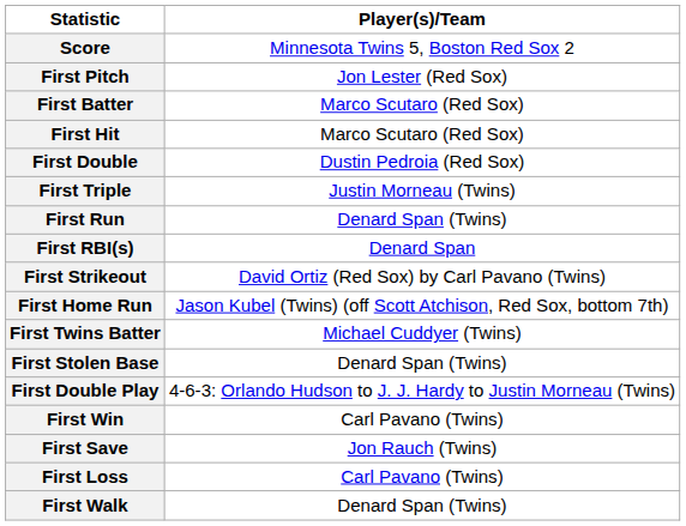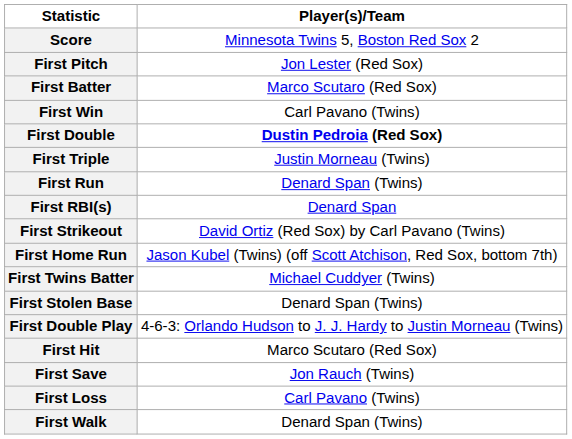 <table class="wikitable" align=center style="margin-left:15px; text-align:center; background:#ffffff;">
 <tr>
 <td><strong>Statistic</strong></td>
 <td><strong>Player(s)/Team</strong></td>
 </tr>
 <tr>
 <th>Score</th>
 <td><a href='#'>Minnesota Twins</a> 5, <a href='#'>Boston Red Sox</a> 2</td>
 </tr>
 <tr>
 <th>First Pitch</th>
 <td><a href='#'>Jon Lester</a> (Red Sox)</td>
 </tr>
 <tr>
 <th>First Batter</th>
 <td><a href='#'>Marco Scutaro</a> (Red Sox)</td>
 </tr>
 <tr>
-<th>First Hit</th>
-<td>Marco Scutaro (Red Sox)</td>
+<th>First Win</th>
+<td>Carl Pavano (Twins)</td>
 </tr>
 <tr>
 <th>First Double</th>
-<td><a href='#'>Dustin Pedroia</a> (Red Sox)</td>
+<td><strong><a href='#'>Dustin Pedroia</a> (Red Sox)</strong></td>
 </tr>
 <tr>
 <th>First Triple</th>
 <td><a href='#'>Justin Morneau</a> (Twins)</td>
 </tr>
 <tr>
 <th>First Run</th>
 <td><a href='#'>Denard Span</a> (Twins)</td>
 </tr>
 <tr>
 <th>First RBI(s)</th>
 <td><a href='#'>Denard Span</a></td>
 </tr>
 <tr>
 <th>First Strikeout</th>
 <td><a href='#'>David Ortiz</a> (Red Sox) by Carl Pavano (Twins)</td>
 </tr>
 <tr>
 <th>First Home Run</th>
 <td><a href='#'>Jason Kubel</a> (Twins) (off <a href='#'>Scott Atchison</a>, Red Sox, bottom 7th)</td>
 </tr>
 <tr>
 <th>First Twins Batter</th>
 <td><a href='#'>Michael Cuddyer</a> (Twins)</td>
 </tr>
 <tr>
 <th>First Stolen Base</th>
 <td>Denard Span (Twins)</td>
 </tr>
 <tr>
 <th>First Double Play</th>
 <td>4-6-3: <a href='#'>Orlando Hudson</a> to <a href='#'>J. J. Hardy</a> to <a href='#'>Justin Morneau</a> (Twins)</td>
 </tr>
 <tr>
-<th>First Win</th>
-<td>Carl Pavano (Twins)</td>
+<th>First Hit</th>
+<td>Marco Scutaro (Red Sox)</td>
 </tr>
 <tr>
 <th>First Save</th>
 <td><a href='#'>Jon Rauch</a> (Twins)</td>
 </tr>
 <tr>
 <th>First Loss</th>
 <td><a href='#'>Carl Pavano</a> (Twins)</td>
 </tr>
 <tr>
 <th>First Walk</th>
 <td>Denard Span (Twins)</td>
 </tr>
 </table>
